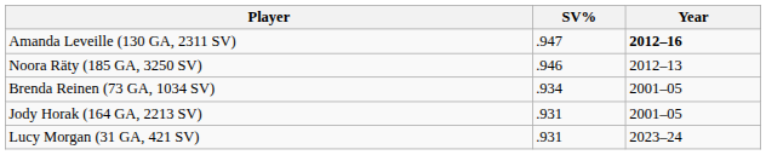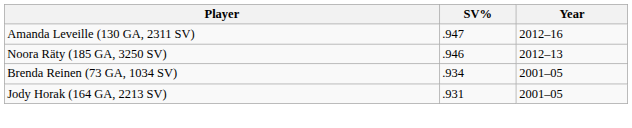 <table class="wikitable" style="width: 50em">
 <tr>
 <th>Player</th>
 <th>SV%</th>
 <th>Year</th>
 </tr>
 <tr>
 <td>Amanda Leveille (130 GA, 2311 SV)</td>
 <td>.947</td>
-<td><strong>2012–16</strong></td>
+<td>2012–16</td>
 </tr>
 <tr>
 <td>Noora Räty (185 GA, 3250 SV)</td>
 <td>.946</td>
 <td>2012–13</td>
 </tr>
 <tr>
 <td>Brenda Reinen (73 GA, 1034 SV)</td>
 <td>.934</td>
 <td>2001–05</td>
 </tr>
 <tr>
 <td>Jody Horak (164 GA, 2213 SV)</td>
 <td>.931</td>
 <td>2001–05</td>
 </tr>
-<tr>
-<td>Lucy Morgan (31 GA, 421 SV)</td>
-<td>.931</td>
-<td>2023–24</td>
-</tr>
 </table>
